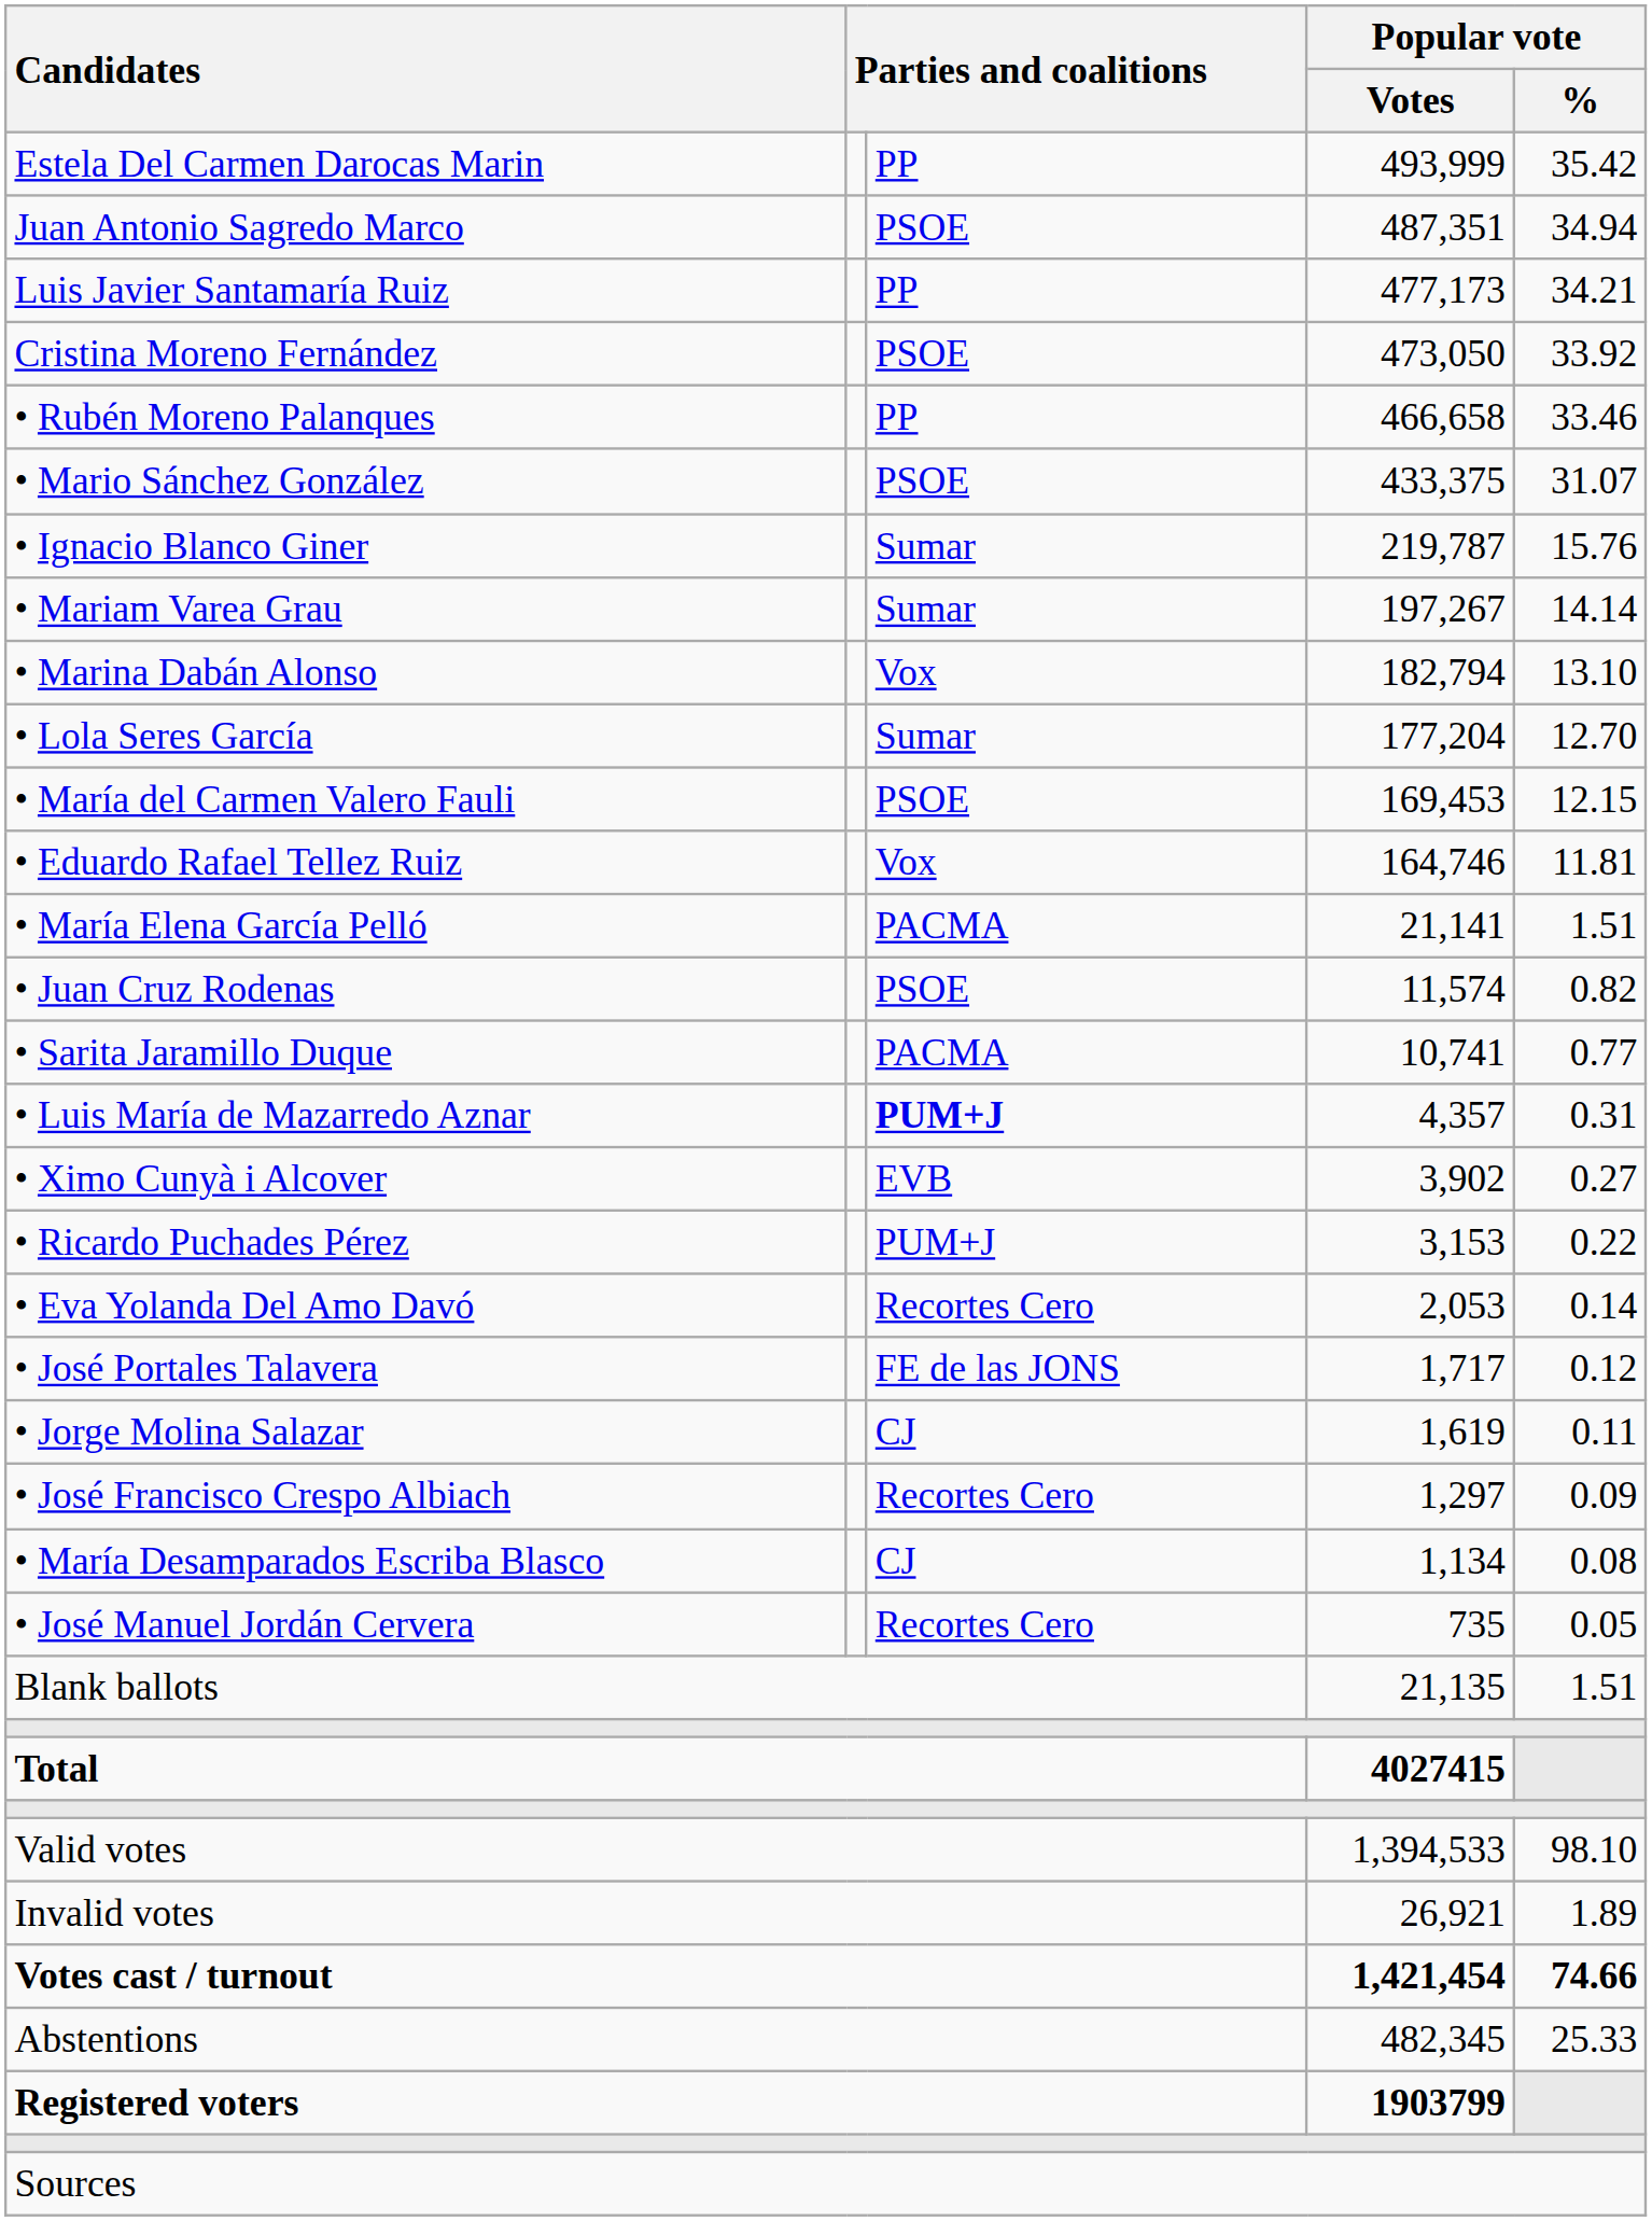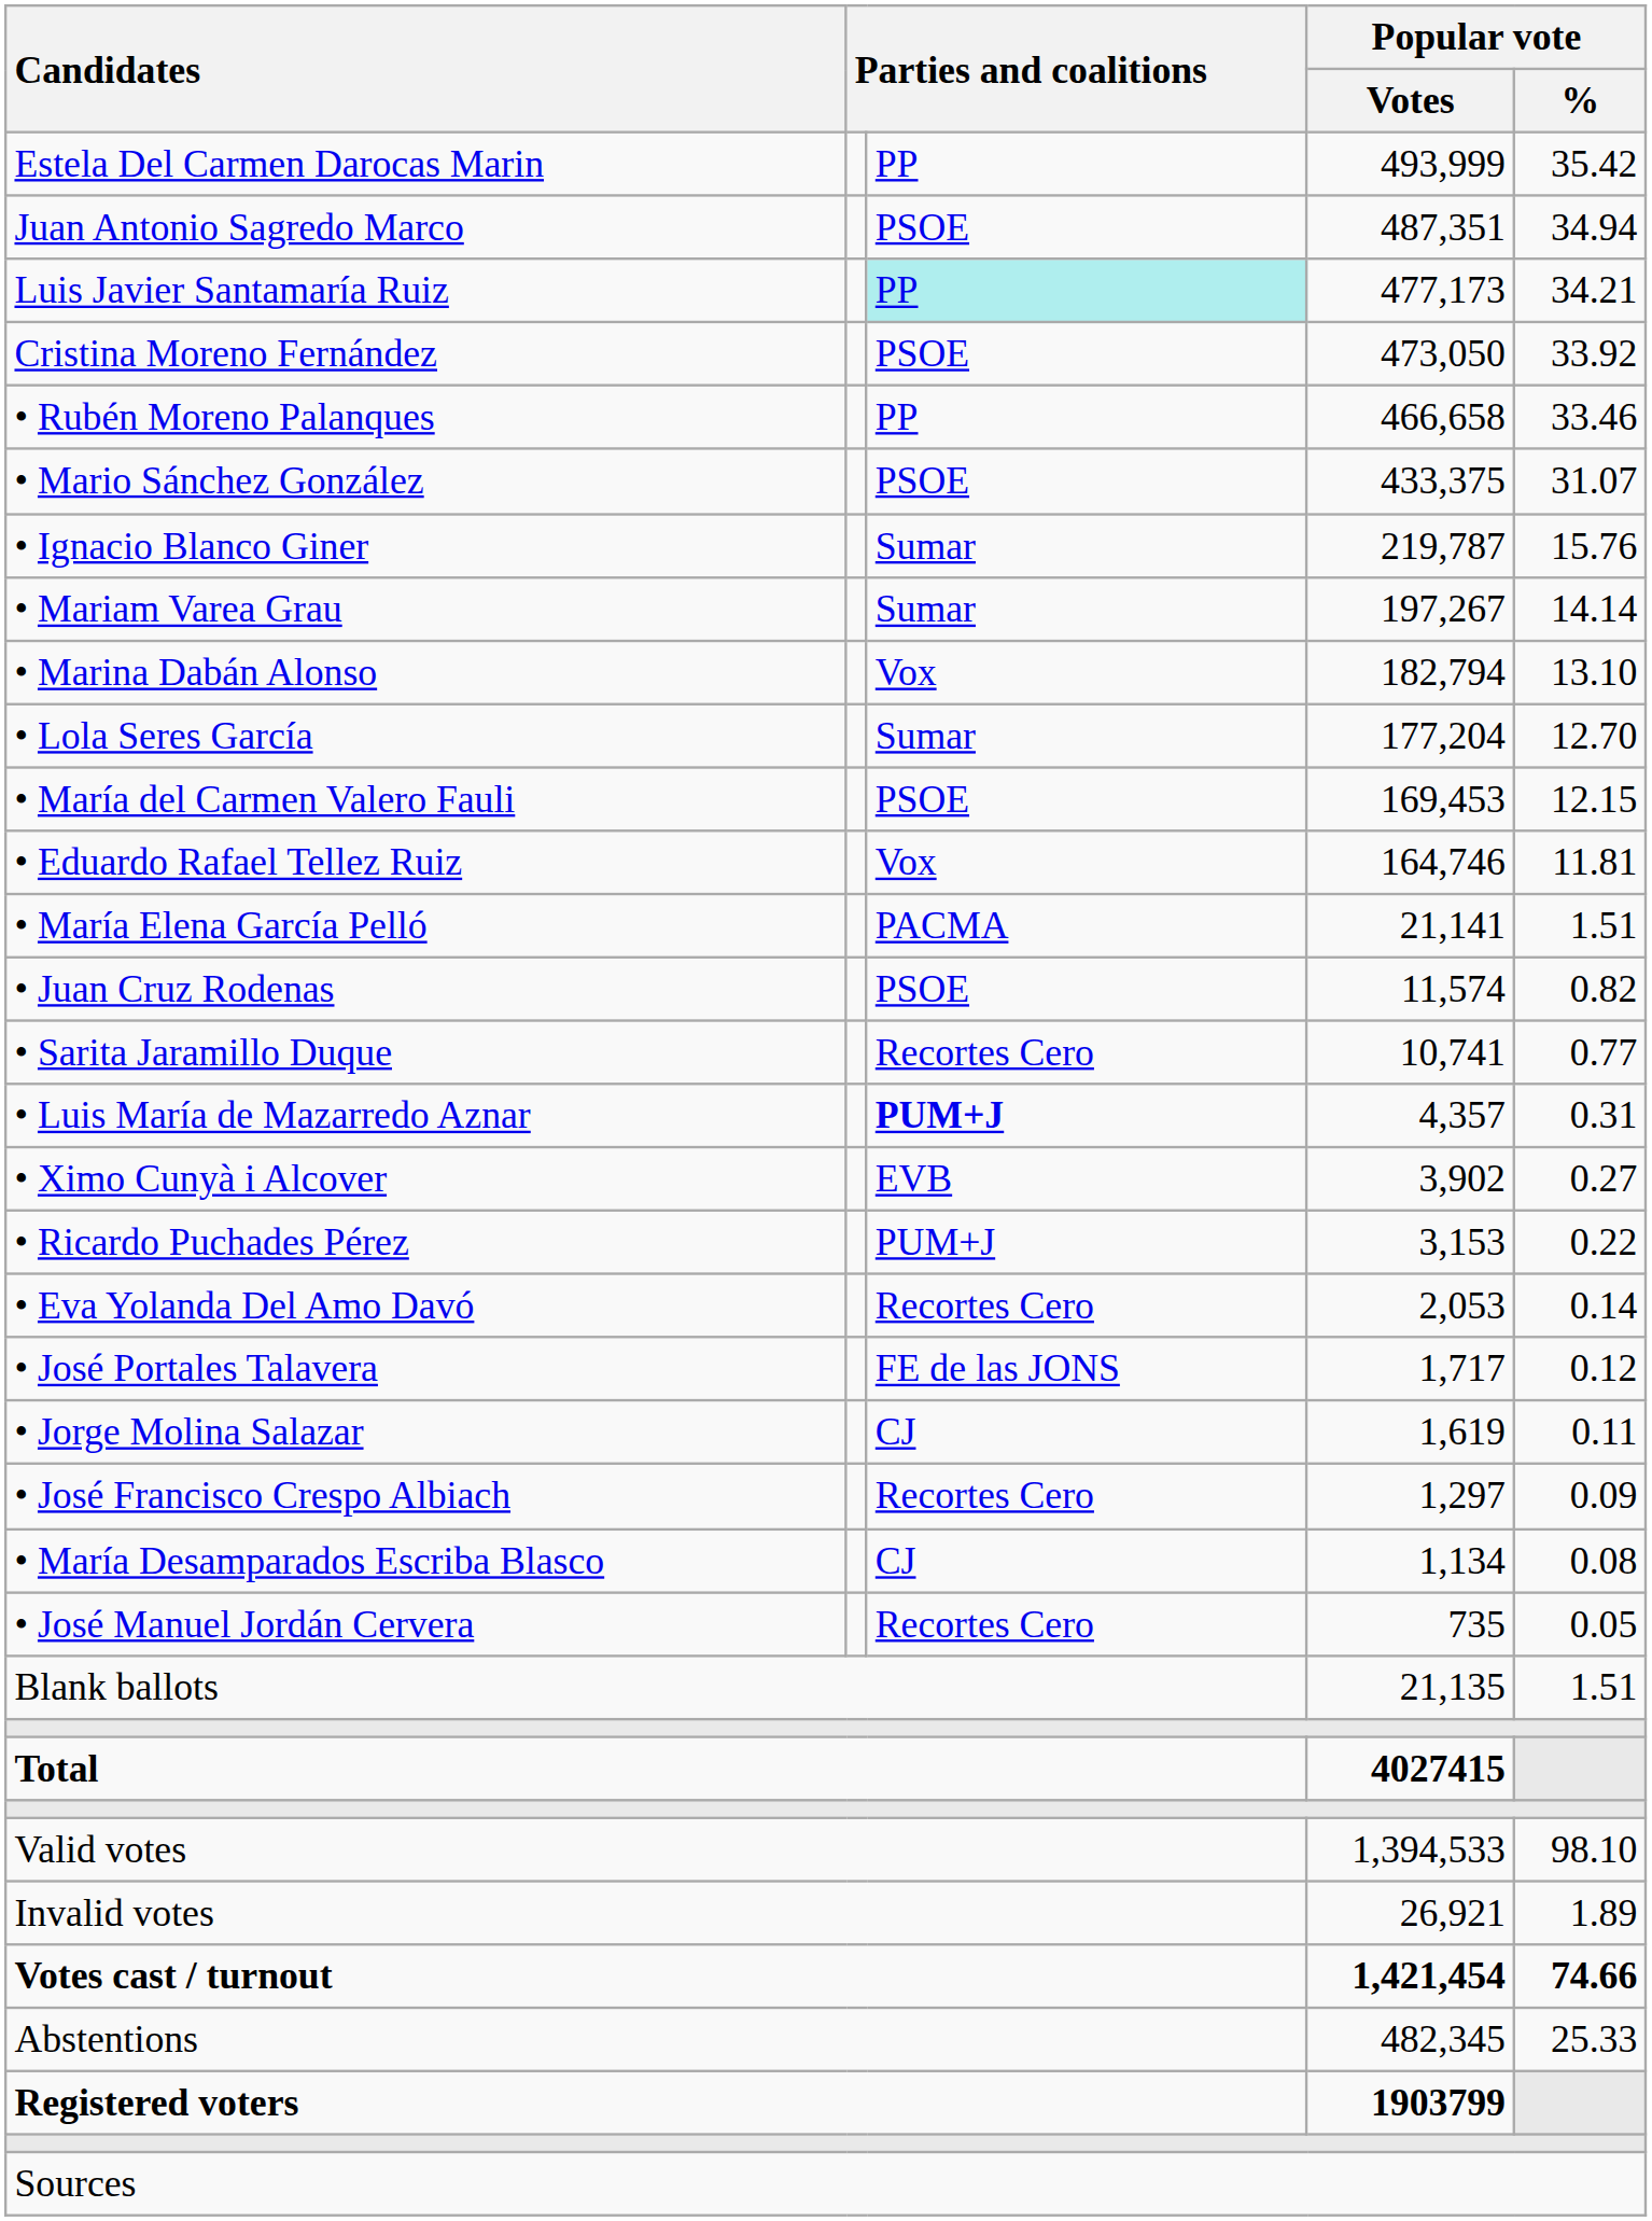 <table class="wikitable" style="text-align:right; font-size:95%;">
 <tr>
 <th style="text-align:left;" rowspan="2" width="325">Candidates</th>
 <th style="text-align:left;" rowspan="2" colspan="2" width="175">Parties and coalitions</th>
 <th colspan="2">Popular vote</th>
 </tr>
 <tr>
 <th width="75">Votes</th>
 <th width="45">%</th>
 </tr>
 <tr>
 <td align="left"> <a href='#'>Estela Del Carmen Darocas Marin</a></td>
 <td width="1" style="color:inherit;background:"></td>
 <td align="left"><a href='#'>PP</a></td>
 <td>493,999</td>
 <td>35.42</td>
 </tr>
 <tr>
 <td align="left"> <a href='#'>Juan Antonio Sagredo Marco</a></td>
 <td width="1" style="color:inherit;background:"></td>
 <td align="left"><a href='#'>PSOE</a></td>
 <td>487,351</td>
 <td>34.94</td>
 </tr>
 <tr>
 <td align="left"> <a href='#'>Luis Javier Santamaría Ruiz</a></td>
 <td width="1" style="color:inherit;background:"></td>
-<td align="left"><a href='#'>PP</a></td>
+<td align="left" style="background: paleturquoise;"><a href='#'>PP</a></td>
 <td>477,173</td>
 <td>34.21</td>
 </tr>
 <tr>
 <td align="left"> <a href='#'>Cristina Moreno Fernández</a></td>
 <td width="1" style="color:inherit;background:"></td>
 <td align="left"><a href='#'>PSOE</a></td>
 <td>473,050</td>
 <td>33.92</td>
 </tr>
 <tr>
 <td align="left">• <a href='#'>Rubén Moreno Palanques</a></td>
 <td width="1" style="color:inherit;background:"></td>
 <td align="left"><a href='#'>PP</a></td>
 <td>466,658</td>
 <td>33.46</td>
 </tr>
 <tr>
 <td align="left">• <a href='#'>Mario Sánchez González</a></td>
 <td width="1" style="color:inherit;background:"></td>
 <td align="left"><a href='#'>PSOE</a></td>
 <td>433,375</td>
 <td>31.07</td>
 </tr>
 <tr>
 <td align="left">• <a href='#'>Ignacio Blanco Giner</a></td>
 <td width="1" style="color:inherit;background:"></td>
 <td align="left"><a href='#'>Sumar</a></td>
 <td>219,787</td>
 <td>15.76</td>
 </tr>
 <tr>
 <td align="left">• <a href='#'>Mariam Varea Grau</a></td>
 <td width="1" style="color:inherit;background:"></td>
 <td align="left"><a href='#'>Sumar</a></td>
 <td>197,267</td>
 <td>14.14</td>
 </tr>
 <tr>
 <td align="left">• <a href='#'>Marina Dabán Alonso</a></td>
 <td width="1" style="color:inherit;background:"></td>
 <td align="left"><a href='#'>Vox</a></td>
 <td>182,794</td>
 <td>13.10</td>
 </tr>
 <tr>
 <td align="left">• <a href='#'>Lola Seres García</a></td>
 <td width="1" style="color:inherit;background:"></td>
 <td align="left"><a href='#'>Sumar</a></td>
 <td>177,204</td>
 <td>12.70</td>
 </tr>
 <tr>
 <td align="left">• <a href='#'>María del Carmen Valero Fauli</a></td>
 <td width="1" style="color:inherit;background:"></td>
 <td align="left"><a href='#'>PSOE</a></td>
 <td>169,453</td>
 <td>12.15</td>
 </tr>
 <tr>
 <td align="left">• <a href='#'>Eduardo Rafael Tellez Ruiz</a></td>
 <td width="1" style="color:inherit;background:"></td>
 <td align="left"><a href='#'>Vox</a></td>
 <td>164,746</td>
 <td>11.81</td>
 </tr>
 <tr>
 <td align="left">• <a href='#'>María Elena García Pelló</a></td>
 <td width="1" style="color:inherit;background:"></td>
 <td align="left"><a href='#'>PACMA</a></td>
 <td>21,141</td>
 <td>1.51</td>
 </tr>
 <tr>
 <td align="left">• <a href='#'>Juan Cruz Rodenas</a></td>
 <td width="1" style="color:inherit;background:"></td>
 <td align="left"><a href='#'>PSOE</a></td>
 <td>11,574</td>
 <td>0.82</td>
 </tr>
 <tr>
 <td align="left">• <a href='#'>Sarita Jaramillo Duque</a></td>
 <td width="1" style="color:inherit;background:"></td>
-<td align="left"><a href='#'>PACMA</a></td>
+<td align="left"><a href='#'>Recortes Cero</a></td>
 <td>10,741</td>
 <td>0.77</td>
 </tr>
 <tr>
 <td align="left">• <a href='#'>Luis María de Mazarredo Aznar</a></td>
 <td width="1" style="color:inherit;background:"></td>
 <td align="left"><strong><a href='#'>PUM+J</a></strong></td>
 <td>4,357</td>
 <td>0.31</td>
 </tr>
 <tr>
 <td align="left">• <a href='#'>Ximo Cunyà i Alcover</a></td>
 <td width="1" style="color:inherit;background:"></td>
 <td align="left"><a href='#'>EVB</a></td>
 <td>3,902</td>
 <td>0.27</td>
 </tr>
 <tr>
 <td align="left">• <a href='#'>Ricardo Puchades Pérez</a></td>
 <td width="1" style="color:inherit;background:"></td>
 <td align="left"><a href='#'>PUM+J</a></td>
 <td>3,153</td>
 <td>0.22</td>
 </tr>
 <tr>
 <td align="left">• <a href='#'>Eva Yolanda Del Amo Davó</a></td>
 <td width="1" style="color:inherit;background:"></td>
 <td align="left"><a href='#'>Recortes Cero</a></td>
 <td>2,053</td>
 <td>0.14</td>
 </tr>
 <tr>
 <td align="left">• <a href='#'>José Portales Talavera</a></td>
 <td width="1" style="color:inherit;background:"></td>
 <td align="left"><a href='#'>FE de las JONS</a></td>
 <td>1,717</td>
 <td>0.12</td>
 </tr>
 <tr>
 <td align="left">• <a href='#'>Jorge Molina Salazar</a></td>
 <td width="1" style="color:inherit;background:"></td>
 <td align="left"><a href='#'>CJ</a></td>
 <td>1,619</td>
 <td>0.11</td>
 </tr>
 <tr>
 <td align="left">• <a href='#'>José Francisco Crespo Albiach</a></td>
 <td width="1" style="color:inherit;background:"></td>
 <td align="left"><a href='#'>Recortes Cero</a></td>
 <td>1,297</td>
 <td>0.09</td>
 </tr>
 <tr>
 <td align="left">• <a href='#'>María Desamparados Escriba Blasco</a></td>
 <td width="1" style="color:inherit;background:"></td>
 <td align="left"><a href='#'>CJ</a></td>
 <td>1,134</td>
 <td>0.08</td>
 </tr>
 <tr>
 <td align="left">• <a href='#'>José Manuel Jordán Cervera</a></td>
 <td width="1" style="color:inherit;background:"></td>
 <td align="left"><a href='#'>Recortes Cero</a></td>
 <td>735</td>
 <td>0.05</td>
 </tr>
 <tr>
 <td align="left" colspan="3">Blank ballots</td>
 <td>21,135</td>
 <td>1.51</td>
 </tr>
 <tr>
 <td colspan="5" bgcolor="#E9E9E9"></td>
 </tr>
 <tr style="font-weight:bold;">
 <td align="left" colspan="3">Total</td>
 <td>4027415</td>
 <td bgcolor="#E9E9E9"></td>
 </tr>
 <tr>
 <td colspan="5" bgcolor="#E9E9E9"></td>
 </tr>
 <tr>
 <td align="left" colspan="3">Valid votes</td>
 <td>1,394,533</td>
 <td>98.10</td>
 </tr>
 <tr>
 <td align="left" colspan="3">Invalid votes</td>
 <td>26,921</td>
 <td>1.89</td>
 </tr>
 <tr style="font-weight:bold;">
 <td align="left" colspan="3">Votes cast / turnout</td>
 <td>1,421,454</td>
 <td>74.66</td>
 </tr>
 <tr>
 <td align="left" colspan="3">Abstentions</td>
 <td>482,345</td>
 <td>25.33</td>
 </tr>
 <tr style="font-weight:bold;">
 <td align="left" colspan="3">Registered voters</td>
 <td>1903799</td>
 <td bgcolor="#E9E9E9"></td>
 </tr>
 <tr>
 <td colspan="5" bgcolor="#E9E9E9"></td>
 </tr>
 <tr>
 <td align="left" colspan="5">Sources</td>
 </tr>
 </table>
